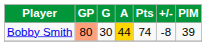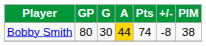 <table class="wikitable sortable">
 <tr>
 <th style="color:white; background:#009639; ">Player</th>
 <th style="color:white; background:#009639; ">GP</th>
 <th style="color:white; background:#009639; ">G</th>
 <th style="color:white; background:#009639; ">A</th>
 <th style="color:white; background:#009639; ">Pts</th>
 <th style="color:white; background:#009639; ">+/-</th>
 <th style="color:white; background:#009639; ">PIM</th>
 </tr>
 <tr align = center>
 <td><a href='#'>Bobby Smith</a></td>
-<td style="background: lightsalmon;">80</td>
+<td>80</td>
 <td>30</td>
 <td style="background: gold;">44</td>
 <td>74</td>
 <td>-8</td>
-<td>39</td>
+<td>38</td>
 </tr>
 <tr align = center>
 </tr>
 </table>
